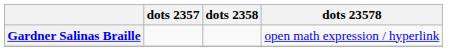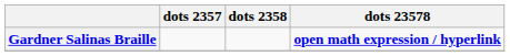 <table class="wikitable">
 <tr>
 <th></th>
 <th>dots 2357</th>
 <th>dots 2358</th>
 <th>dots 23578</th>
 </tr>
 <tr>
 <th align=left><a href='#'>Gardner Salinas Braille</a></th>
 <td></td>
 <td></td>
-<td><a href='#'>open math expression / hyperlink</a></td>
+<td><strong><a href='#'>open math expression / hyperlink</a></strong></td>
 </tr>
 <tr>
 </tr>
 <tr>
 </tr>
 </table>
